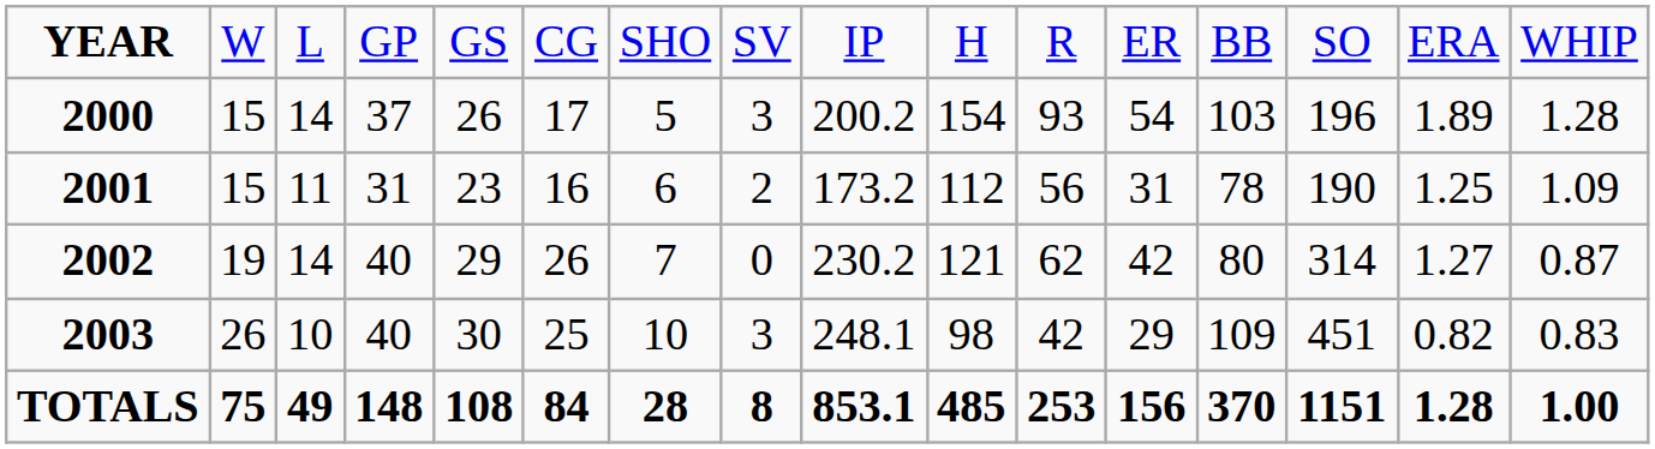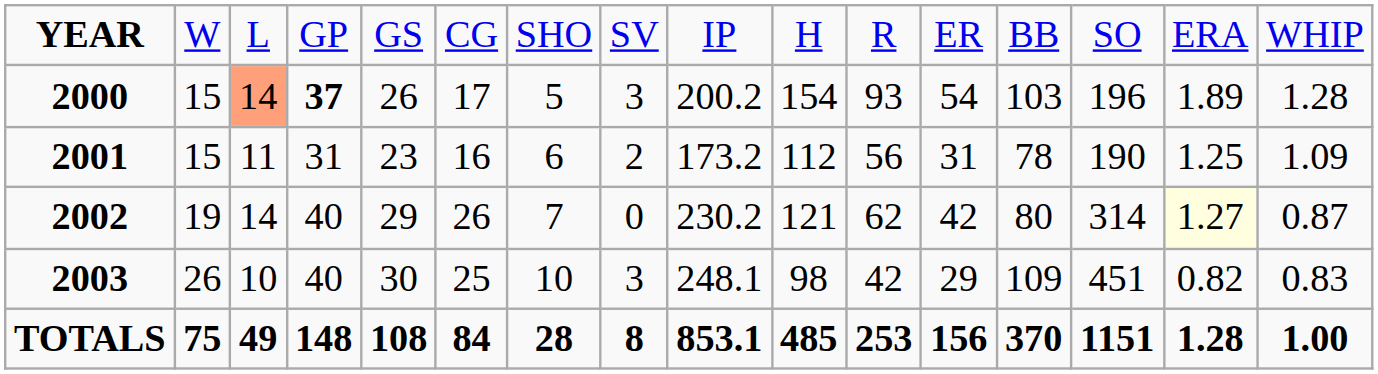 <table class="wikitable">
 <tr align=center>
 <td><strong>YEAR</strong></td>
 <td><a href='#'>W</a></td>
 <td><a href='#'>L</a></td>
 <td><a href='#'>GP</a></td>
 <td><a href='#'>GS</a></td>
 <td><a href='#'>CG</a></td>
 <td><a href='#'>SHO</a></td>
 <td><a href='#'>SV</a></td>
 <td><a href='#'>IP</a></td>
 <td><a href='#'>H</a></td>
 <td><a href='#'>R</a></td>
 <td><a href='#'>ER</a></td>
 <td><a href='#'>BB</a></td>
 <td><a href='#'>SO</a></td>
 <td><a href='#'>ERA</a></td>
 <td><a href='#'>WHIP</a></td>
 </tr>
 <tr align=center>
 <td><strong>2000</strong></td>
 <td>15</td>
-<td>14</td>
-<td>37</td>
+<td style="background: lightsalmon;">14</td>
+<td><strong>37</strong></td>
 <td>26</td>
 <td>17</td>
 <td>5</td>
 <td>3</td>
 <td>200.2</td>
 <td>154</td>
 <td>93</td>
 <td>54</td>
 <td>103</td>
 <td>196</td>
 <td>1.89</td>
 <td>1.28</td>
 </tr>
 <tr align=center>
 <td><strong>2001</strong></td>
 <td>15</td>
 <td>11</td>
 <td>31</td>
 <td>23</td>
 <td>16</td>
 <td>6</td>
 <td>2</td>
 <td>173.2</td>
 <td>112</td>
 <td>56</td>
 <td>31</td>
 <td>78</td>
 <td>190</td>
 <td>1.25</td>
 <td>1.09</td>
 </tr>
 <tr align=center>
 <td><strong>2002</strong></td>
 <td>19</td>
 <td>14</td>
 <td>40</td>
 <td>29</td>
 <td>26</td>
 <td>7</td>
 <td>0</td>
 <td>230.2</td>
 <td>121</td>
 <td>62</td>
 <td>42</td>
 <td>80</td>
 <td>314</td>
-<td>1.27</td>
+<td style="background: lightyellow;">1.27</td>
 <td>0.87</td>
 </tr>
 <tr align=center>
 <td><strong>2003</strong></td>
 <td>26</td>
 <td>10</td>
 <td>40</td>
 <td>30</td>
 <td>25</td>
 <td>10</td>
 <td>3</td>
 <td>248.1</td>
 <td>98</td>
 <td>42</td>
 <td>29</td>
 <td>109</td>
 <td>451</td>
 <td>0.82</td>
 <td>0.83</td>
 </tr>
 <tr align=center>
 <td><strong>TOTALS</strong></td>
 <td><strong>75</strong></td>
 <td><strong>49</strong></td>
 <td><strong>148</strong></td>
 <td><strong>108</strong></td>
 <td><strong>84</strong></td>
 <td><strong>28</strong></td>
 <td><strong>8</strong></td>
 <td><strong>853.1</strong></td>
 <td><strong>485</strong></td>
 <td><strong>253</strong></td>
 <td><strong>156</strong></td>
 <td><strong>370</strong></td>
 <td><strong>1151</strong></td>
 <td><strong>1.28</strong></td>
 <td><strong>1.00</strong></td>
 </tr>
 </table>
